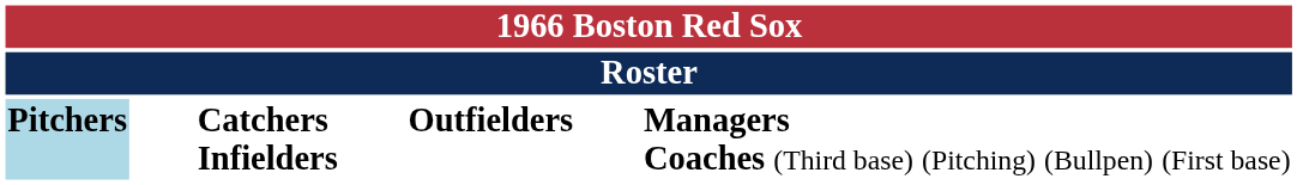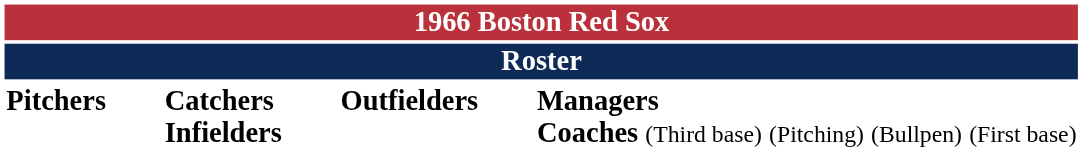 <table class="toccolours" style="text-align: left;">
 <tr>
 <th colspan="10" style="background-color: #ba313c; color: white; text-align: center;">1966 Boston Red Sox</th>
 </tr>
 <tr>
 <td colspan="10" style="background-color:#0d2b56; color: white; text-align: center;"><strong>Roster</strong></td>
 </tr>
 <tr>
-<td valign="top" style="background: lightblue;"><strong>Pitchers</strong><br>                    </td>
+<td valign="top"><strong>Pitchers</strong><br>                    </td>
 <td width="25px"></td>
 <td valign="top"><strong>Catchers</strong><br>  <strong>Infielders</strong>        </td>
 <td width="25px"></td>
 <td valign="top"><strong>Outfielders</strong><br>        </td>
 <td width="25px"></td>
 <td valign="top"><strong>Managers</strong><br>  <strong>Coaches</strong>  <small>(Third base)</small>  <small>(Pitching)</small>  <small>(Bullpen)</small>  <small>(First base)</small></td>
 </tr>
 <tr>
 </tr>
 </table>
